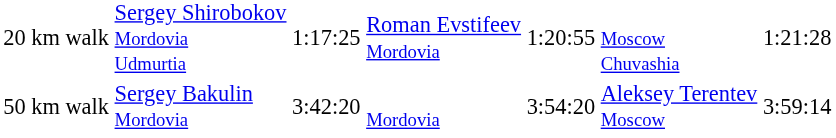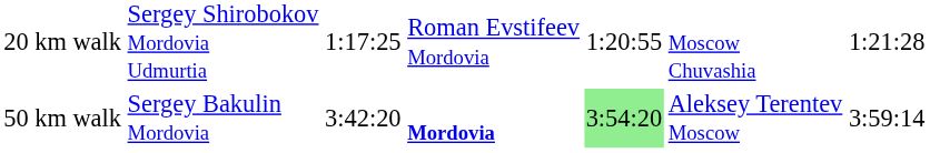 <table>
 <tr>
 <td>20 km walk</td>
 <td><a href='#'>Sergey Shirobokov</a> <br> <small><a href='#'>Mordovia</a></small> <br> <small><a href='#'>Udmurtia</a></small></td>
 <td>1:17:25</td>
 <td><a href='#'>Roman Evstifeev</a> <br> <small><a href='#'>Mordovia</a></small></td>
 <td>1:20:55</td>
 <td> <br> <small><a href='#'>Moscow</a></small> <br> <small><a href='#'>Chuvashia</a></small></td>
 <td>1:21:28</td>
 </tr>
 <tr>
 <td>50 km walk</td>
 <td><a href='#'>Sergey Bakulin</a> <br> <small><a href='#'>Mordovia</a></small></td>
 <td>3:42:20</td>
-<td> <br> <small><a href='#'>Mordovia</a></small></td>
-<td>3:54:20</td>
+<td><strong> <br> <small><a href='#'>Mordovia</a></small></strong></td>
+<td style="background: lightgreen;">3:54:20</td>
 <td><a href='#'>Aleksey Terentev</a> <br> <small><a href='#'>Moscow</a></small></td>
 <td>3:59:14</td>
 </tr>
 </table>
